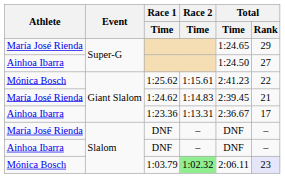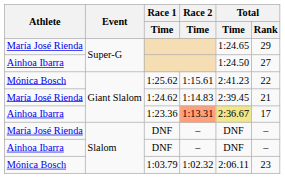 <table class="wikitable" style="font-size:90%">
 <tr>
 <th rowspan="2">Athlete</th>
 <th rowspan="2">Event</th>
 <th>Race 1</th>
 <th>Race 2</th>
 <th colspan="2">Total</th>
 </tr>
 <tr>
 <th>Time</th>
 <th>Time</th>
 <th>Time</th>
 <th>Rank</th>
 </tr>
 <tr>
 <td><a href='#'>María José Rienda</a></td>
 <td rowspan="2">Super-G</td>
 <td colspan="2" bgcolor="wheat"></td>
 <td align="center">1:24.65</td>
 <td align="center">29</td>
 </tr>
 <tr>
 <td><a href='#'>Ainhoa Ibarra</a></td>
 <td colspan="2" bgcolor="wheat"></td>
 <td align="center">1:24.50</td>
 <td align="center">27</td>
 </tr>
 <tr>
 <td><a href='#'>Mónica Bosch</a></td>
 <td rowspan="3">Giant Slalom</td>
 <td align="center">1:25.62</td>
 <td align="center">1:15.61</td>
 <td align="center">2:41.23</td>
 <td align="center">22</td>
 </tr>
 <tr>
 <td><a href='#'>María José Rienda</a></td>
 <td align="center">1:24.62</td>
 <td align="center">1:14.83</td>
 <td align="center">2:39.45</td>
 <td align="center">21</td>
 </tr>
 <tr>
 <td><a href='#'>Ainhoa Ibarra</a></td>
 <td align="center">1:23.36</td>
-<td align="center">1:13.31</td>
-<td align="center">2:36.67</td>
+<td align="center" style="background: lightsalmon;">1:13.31</td>
+<td align="center" style="background: khaki;">2:36.67</td>
 <td align="center">17</td>
 </tr>
 <tr>
 <td><a href='#'>María José Rienda</a></td>
 <td rowspan="3">Slalom</td>
 <td align="center">DNF</td>
 <td align="center">–</td>
 <td align="center">DNF</td>
 <td align="center">–</td>
 </tr>
 <tr>
 <td><a href='#'>Ainhoa Ibarra</a></td>
 <td align="center">DNF</td>
 <td align="center">–</td>
 <td align="center">DNF</td>
 <td align="center">–</td>
 </tr>
 <tr>
 <td><a href='#'>Mónica Bosch</a></td>
 <td align="center">1:03.79</td>
-<td align="center" style="background: lightgreen;">1:02.32</td>
+<td align="center">1:02.32</td>
 <td align="center">2:06.11</td>
-<td align="center" style="background: lavender;">23</td>
+<td align="center">23</td>
 </tr>
 </table>
